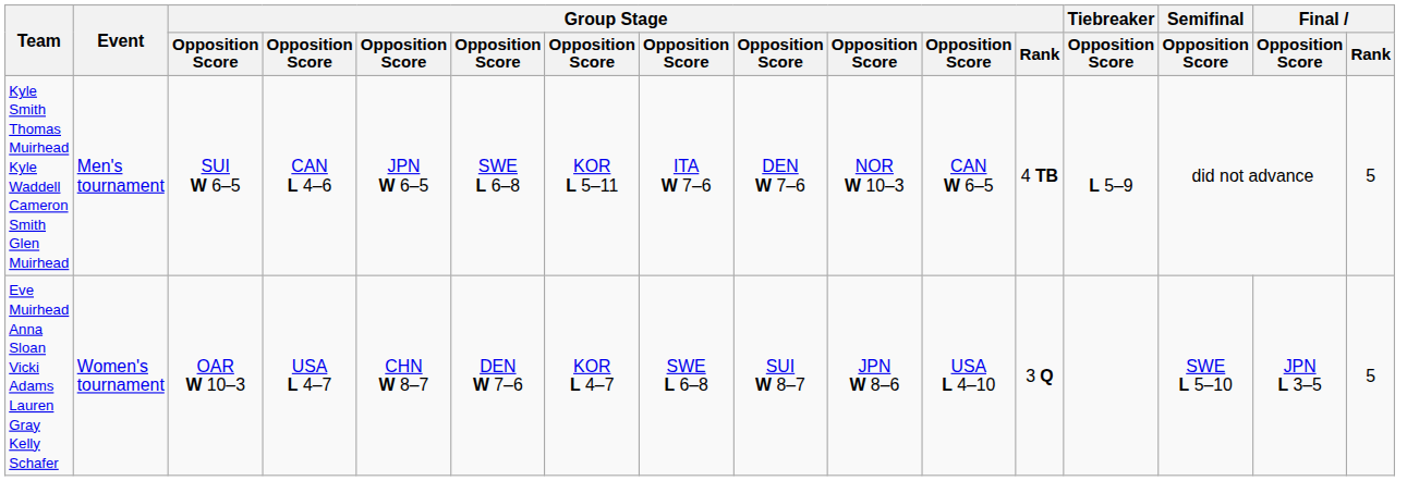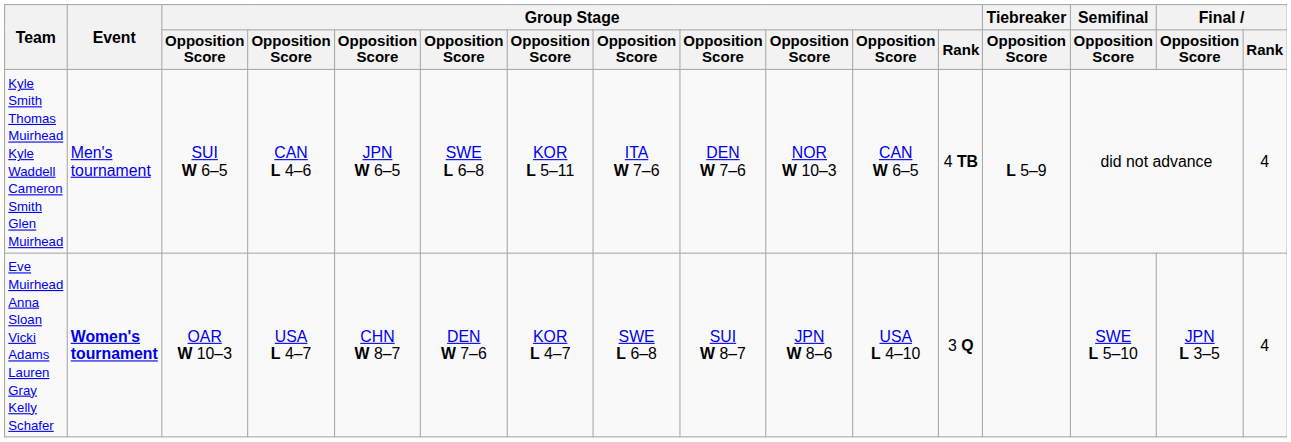 <table class="wikitable" style="font-size:90%">
 <tr>
 <th rowspan=2>Team</th>
 <th rowspan=2>Event</th>
 <th colspan=10>Group Stage</th>
 <th>Tiebreaker</th>
 <th>Semifinal</th>
 <th colspan=2>Final / </th>
 </tr>
 <tr style="font-size:95%">
 <th>Opposition<br>Score</th>
 <th>Opposition<br>Score</th>
 <th>Opposition<br>Score</th>
 <th>Opposition<br>Score</th>
 <th>Opposition<br>Score</th>
 <th>Opposition<br>Score</th>
 <th>Opposition<br>Score</th>
 <th>Opposition<br>Score</th>
 <th>Opposition<br>Score</th>
 <th>Rank</th>
 <th>Opposition<br>Score</th>
 <th>Opposition<br>Score</th>
 <th>Opposition<br>Score</th>
 <th>Rank</th>
 </tr>
 <tr align=center>
 <td align=left><small><a href='#'>Kyle Smith</a><br><a href='#'>Thomas Muirhead</a><br><a href='#'>Kyle Waddell</a><br><a href='#'>Cameron Smith</a><br><a href='#'>Glen Muirhead</a></small></td>
 <td align=left><a href='#'>Men's tournament</a></td>
 <td> <a href='#'>SUI</a><br><strong>W</strong> 6–5</td>
 <td> <a href='#'>CAN</a><br><strong>L</strong> 4–6</td>
 <td> <a href='#'>JPN</a><br><strong>W</strong> 6–5</td>
 <td> <a href='#'>SWE</a><br><strong>L</strong> 6–8</td>
 <td> <a href='#'>KOR</a><br><strong>L</strong> 5–11</td>
 <td> <a href='#'>ITA</a><br><strong>W</strong> 7–6</td>
 <td> <a href='#'>DEN</a><br> <strong>W</strong> 7–6</td>
 <td> <a href='#'>NOR</a><br> <strong>W</strong> 10–3</td>
 <td> <a href='#'>CAN</a><br> <strong>W</strong> 6–5</td>
 <td>4 <strong>TB</strong></td>
 <td><br> <strong>L</strong> 5–9</td>
 <td colspan=2>did not advance</td>
-<td>5</td>
+<td>4</td>
 </tr>
 <tr align=center>
 <td align=left><small><a href='#'>Eve Muirhead</a><br><a href='#'>Anna Sloan</a><br><a href='#'>Vicki Adams</a><br><a href='#'>Lauren Gray</a><br><a href='#'>Kelly Schafer</a></small></td>
-<td align=left><a href='#'>Women's tournament</a></td>
+<td align=left><strong><a href='#'>Women's tournament</a></strong></td>
 <td> <a href='#'>OAR</a><br><strong>W</strong> 10–3</td>
 <td> <a href='#'>USA</a><br><strong>L</strong> 4–7</td>
 <td> <a href='#'>CHN</a><br><strong>W</strong> 8–7</td>
 <td> <a href='#'>DEN</a><br> <strong>W</strong> 7–6</td>
 <td> <a href='#'>KOR</a><br> <strong>L</strong> 4–7</td>
 <td> <a href='#'>SWE</a><br> <strong>L</strong> 6–8</td>
 <td> <a href='#'>SUI</a><br> <strong>W</strong> 8–7</td>
 <td> <a href='#'>JPN</a><br> <strong>W</strong> 8–6</td>
 <td> <a href='#'>USA</a><br> <strong>L</strong> 4–10</td>
 <td>3 <strong>Q</strong></td>
 <td></td>
 <td> <a href='#'>SWE</a><br><strong>L</strong> 5–10</td>
 <td> <a href='#'>JPN</a><br> <strong>L</strong> 3–5</td>
-<td>5</td>
+<td>4</td>
 </tr>
 </table>
